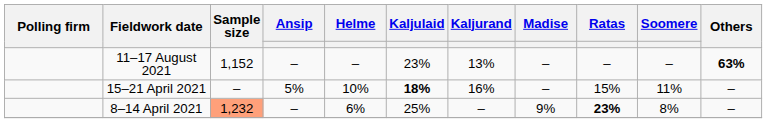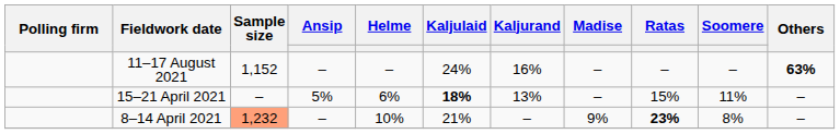 <table class="wikitable sortable" style="text-align:center;font-size:90%;line-height:14px;">
 <tr style="height:40px;">
 <th style="width:100px;" rowspan="2">Polling firm</th>
 <th style="width:110px;" rowspan="2">Fieldwork date</th>
 <th style="width:35px;" rowspan="2">Sample<br>size</th>
 <th class="unsortable" style="width:60px;"><a href='#'>Ansip</a><br></th>
 <th class="unsortable" style="width:60px;"><a href='#'>Helme</a><br></th>
 <th class="unsortable" style="width:60px;"><a href='#'>Kaljulaid</a></th>
 <th class="unsortable" style="width:60px;"><a href='#'>Kaljurand</a><br></th>
 <th class="unsortable" style="width:60px;"><a href='#'>Madise</a></th>
 <th class="unsortable" style="width:60px;"><a href='#'>Ratas</a><br></th>
 <th class="unsortable" style="width:60px;"><a href='#'>Soomere</a></th>
 <th rowspan=2 class="unsortable" style="width:60px;">Others</th>
 </tr>
 <tr>
 <th style="background:"></th>
 <th style="background:"></th>
 <th style="background:"></th>
 <th style="background:"></th>
 <th style="background:"></th>
 <th style="background:"></th>
 <th style="background:"></th>
 </tr>
 <tr>
 <td rowspan="1"></td>
 <td rowspan="1">11–17 August 2021</td>
 <td rowspan="1">1,152</td>
 <td>–</td>
 <td>–</td>
-<td>23%</td>
-<td>13%</td>
+<td>24%</td>
+<td>16%</td>
 <td>–</td>
 <td>–</td>
 <td>–</td>
 <td><strong>63%</strong></td>
 </tr>
 <tr>
 <td rowspan="1"></td>
 <td rowspan="1">15–21 April 2021</td>
 <td rowspan="1">–</td>
 <td>5%</td>
-<td>10%</td>
+<td>6%</td>
 <td><strong>18%</strong></td>
-<td>16%</td>
+<td>13%</td>
 <td>–</td>
 <td>15%</td>
 <td>11%</td>
 <td>–</td>
 </tr>
 <tr>
 <td rowspan="1"></td>
 <td rowspan="1">8–14 April 2021</td>
 <td rowspan="1" style="background: lightsalmon;">1,232</td>
 <td>–</td>
-<td>6%</td>
-<td>25%</td>
+<td>10%</td>
+<td>21%</td>
 <td>–</td>
 <td>9%</td>
 <td><strong>23%</strong></td>
 <td>8%</td>
 <td>–</td>
 </tr>
 <tr>
 </tr>
 </table>
